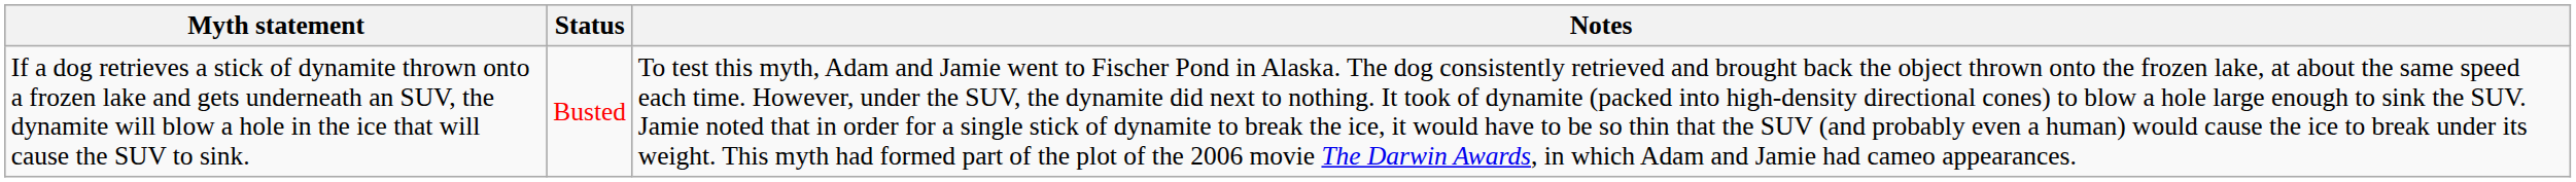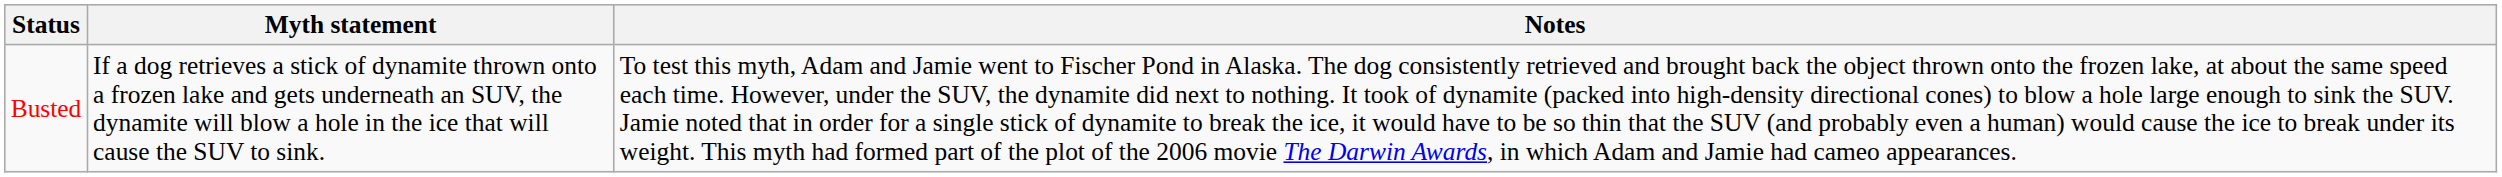 <table class="wikitable plainrowheaders">
 <tr>
+<th>Status</th>
 <th>Myth statement</th>
-<th>Status</th>
 <th>Notes</th>
 </tr>
 <tr>
+<td style="color:red">Busted</td>
 <td>If a dog retrieves a stick of dynamite thrown onto a frozen lake and gets underneath an SUV, the dynamite will blow a hole in the ice that will cause the SUV to sink.</td>
-<td style="color:red">Busted</td>
 <td>To test this myth, Adam and Jamie went to Fischer Pond in Alaska. The dog consistently retrieved and brought back the object thrown onto the frozen lake, at about the same speed each time. However, under the SUV, the dynamite did next to nothing. It took  of dynamite (packed into high-density directional cones) to blow a hole large enough to sink the SUV. Jamie noted that in order for a single stick of dynamite to break the ice, it would have to be so thin that the SUV (and probably even a human) would cause the ice to break under its weight. This myth had formed part of the plot of the 2006 movie <em><a href='#'>The Darwin Awards</a></em>, in which Adam and Jamie had cameo appearances.</td>
 </tr>
 </table>
